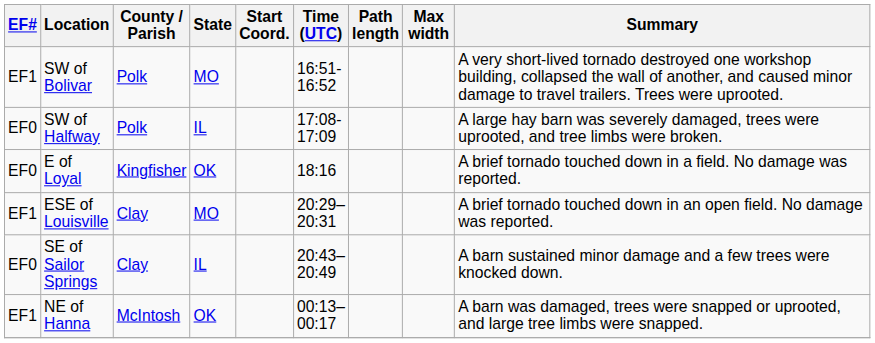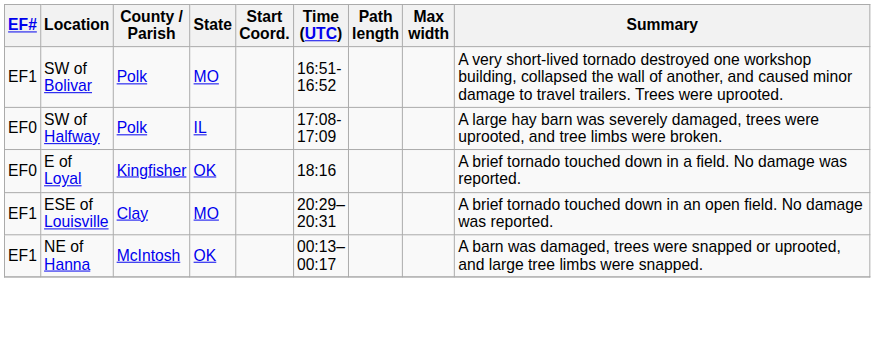 <table class="wikitable sortable" style="width:100%;">
 <tr>
 <th scope="col"  style="width:3%; text-align:center;"><a href='#'>EF#</a></th>
 <th scope="col"  style="width:7%; text-align:center;" class="unsortable">Location</th>
 <th scope="col"  style="width:6%; text-align:center;" class="unsortable">County / Parish</th>
 <th scope="col"  style="width:5%; text-align:center;">State</th>
 <th scope="col"  style="width:6%; text-align:center;">Start Coord.</th>
 <th scope="col"  style="width:6%; text-align:center;">Time (<a href='#'>UTC</a>)</th>
 <th scope="col"  style="width:6%; text-align:center;">Path length</th>
 <th scope="col"  style="width:6%; text-align:center;">Max width</th>
 <th scope="col" class="unsortable" style="width:48%; text-align:center;">Summary</th>
 </tr>
 <tr>
 <td>EF1</td>
 <td>SW of <a href='#'>Bolivar</a></td>
 <td><a href='#'>Polk</a></td>
 <td><a href='#'>MO</a></td>
 <td></td>
 <td>16:51-16:52</td>
 <td></td>
 <td></td>
 <td>A very short-lived tornado destroyed one workshop building, collapsed the wall of another, and caused minor damage to travel trailers. Trees were uprooted.</td>
 </tr>
 <tr>
 <td>EF0</td>
 <td>SW of <a href='#'>Halfway</a></td>
 <td><a href='#'>Polk</a></td>
 <td><a href='#'>IL</a></td>
 <td></td>
 <td>17:08-17:09</td>
 <td></td>
 <td></td>
 <td>A large hay barn was severely damaged, trees were uprooted, and tree limbs were broken.</td>
 </tr>
 <tr>
 <td>EF0</td>
 <td>E of <a href='#'>Loyal</a></td>
 <td><a href='#'>Kingfisher</a></td>
 <td><a href='#'>OK</a></td>
 <td></td>
 <td>18:16</td>
 <td></td>
 <td></td>
 <td>A brief tornado touched down in a field. No damage was reported.</td>
 </tr>
 <tr>
 <td>EF1</td>
 <td>ESE of <a href='#'>Louisville</a></td>
 <td><a href='#'>Clay</a></td>
 <td><a href='#'>MO</a></td>
 <td></td>
 <td>20:29–20:31</td>
 <td></td>
 <td></td>
 <td>A brief tornado touched down in an open field. No damage was reported.</td>
 </tr>
 <tr>
-<td>EF0</td>
-<td>SE of <a href='#'>Sailor Springs</a></td>
-<td><a href='#'>Clay</a></td>
-<td><a href='#'>IL</a></td>
-<td></td>
-<td>20:43–20:49</td>
-<td></td>
-<td></td>
-<td>A barn sustained minor damage and a few trees were knocked down.</td>
-</tr>
-<tr>
 <td>EF1</td>
 <td>NE of <a href='#'>Hanna</a></td>
 <td><a href='#'>McIntosh</a></td>
 <td><a href='#'>OK</a></td>
 <td></td>
 <td>00:13–00:17</td>
 <td></td>
 <td></td>
 <td>A barn was damaged, trees were snapped or uprooted, and large tree limbs were snapped.</td>
 </tr>
 <tr>
 </tr>
 </table>
